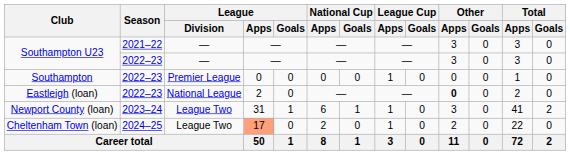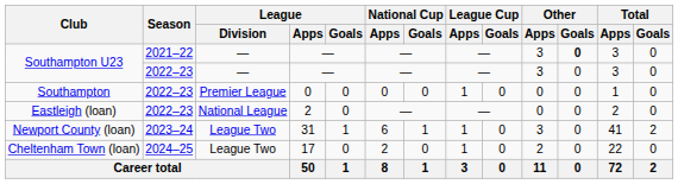 <table class=wikitable style="text-align: center">
 <tr>
 <th rowspan="2">Club</th>
 <th rowspan="2">Season</th>
 <th colspan="3">League</th>
 <th colspan="2">National Cup</th>
 <th colspan="2">League Cup</th>
 <th colspan="2">Other</th>
 <th colspan="2">Total</th>
 </tr>
 <tr>
 <th>Division</th>
 <th>Apps</th>
 <th>Goals</th>
 <th>Apps</th>
 <th>Goals</th>
 <th>Apps</th>
 <th>Goals</th>
 <th>Apps</th>
 <th>Goals</th>
 <th>Apps</th>
 <th>Goals</th>
 </tr>
 <tr>
 <td rowspan="2"><a href='#'>Southampton U23</a></td>
 <td><a href='#'>2021–22</a></td>
 <td>—</td>
 <td colspan="2">—</td>
 <td colspan="2">—</td>
 <td colspan="2">—</td>
 <td>3</td>
-<td>0</td>
+<td><strong>0</strong></td>
 <td>3</td>
 <td>0</td>
 </tr>
 <tr>
 <td><a href='#'>2022–23</a></td>
 <td>—</td>
 <td colspan="2">—</td>
 <td colspan="2">—</td>
 <td colspan="2">—</td>
 <td>3</td>
 <td>0</td>
 <td>3</td>
 <td>0</td>
 </tr>
 <tr>
 <td><a href='#'>Southampton</a></td>
 <td><a href='#'>2022–23</a></td>
 <td><a href='#'>Premier League</a></td>
 <td>0</td>
 <td>0</td>
 <td>0</td>
 <td>0</td>
 <td>1</td>
 <td>0</td>
 <td>0</td>
 <td>0</td>
 <td>1</td>
 <td>0</td>
 </tr>
 <tr>
 <td><a href='#'>Eastleigh</a> (loan)</td>
 <td><a href='#'>2022–23</a></td>
 <td><a href='#'>National League</a></td>
 <td>2</td>
 <td>0</td>
 <td colspan="2">—</td>
 <td colspan="2">—</td>
-<td><strong>0</strong></td>
+<td>0</td>
 <td>0</td>
 <td>2</td>
 <td>0</td>
 </tr>
 <tr>
 <td><a href='#'>Newport County</a> (loan)</td>
 <td><a href='#'>2023–24</a></td>
 <td><a href='#'>League Two</a></td>
 <td>31</td>
 <td>1</td>
 <td>6</td>
 <td>1</td>
 <td>1</td>
 <td>0</td>
 <td>3</td>
 <td>0</td>
 <td>41</td>
 <td>2</td>
 </tr>
 <tr>
 <td><a href='#'>Cheltenham Town</a> (loan)</td>
 <td><a href='#'>2024–25</a></td>
 <td>League Two</td>
-<td style="background: lightsalmon;">17</td>
+<td>17</td>
 <td>0</td>
 <td>2</td>
 <td>0</td>
 <td>1</td>
 <td>0</td>
 <td>2</td>
 <td>0</td>
 <td>22</td>
 <td>0</td>
 </tr>
 <tr>
 <th colspan="3">Career total</th>
 <th>50</th>
 <th>1</th>
 <th>8</th>
 <th>1</th>
 <th>3</th>
 <th>0</th>
 <th>11</th>
 <th>0</th>
 <th>72</th>
 <th>2</th>
 </tr>
 </table>
